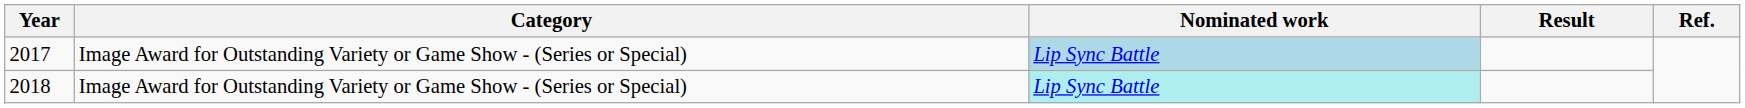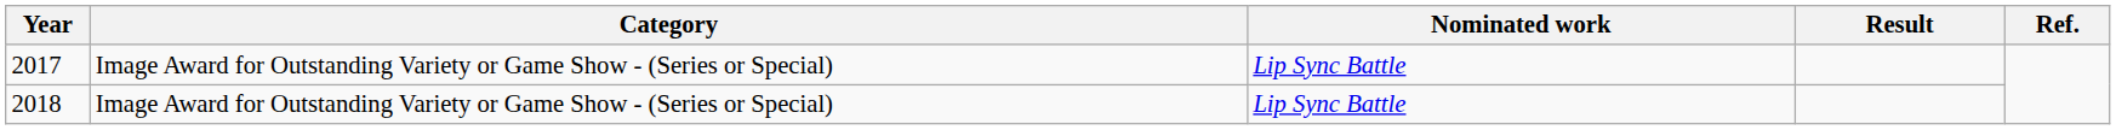 <table class="wikitable" style="width:85%;">
 <tr>
 <th style="width:4%;">Year</th>
 <th style="width:55%;">Category</th>
 <th style="width:26%;">Nominated work</th>
 <th style="width:10%;">Result</th>
 <th width=5%>Ref.</th>
 </tr>
 <tr>
 <td>2017</td>
 <td>Image Award for Outstanding Variety or Game Show - (Series or Special)</td>
-<td style="background: lightblue;"><em><a href='#'>Lip Sync Battle</a></em></td>
+<td><em><a href='#'>Lip Sync Battle</a></em></td>
 <td></td>
 <td rowspan="2"></td>
 </tr>
 <tr>
 <td>2018</td>
 <td>Image Award for Outstanding Variety or Game Show - (Series or Special)</td>
-<td style="background: paleturquoise;"><em><a href='#'>Lip Sync Battle</a></em></td>
+<td><em><a href='#'>Lip Sync Battle</a></em></td>
 <td></td>
 </tr>
 </table>
